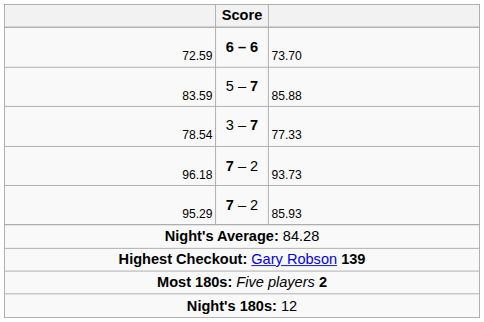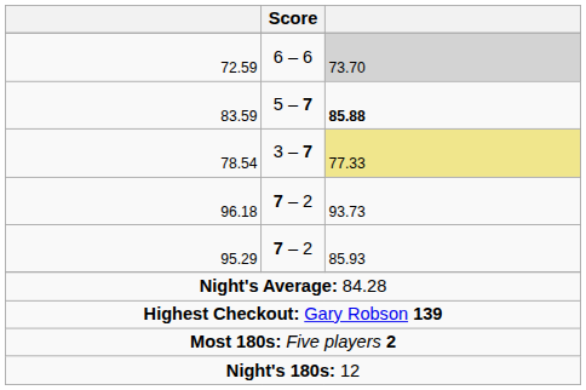 <table class="wikitable" style="text-align:center">
 <tr>
 <th width="225"></th>
 <th width="50">Score</th>
 <th width="225"></th>
 </tr>
 <tr align="center">
 </tr>
 <tr align="left">
 <td align="right"> <br> <small><span>72.59</span></small></td>
-<td align="center"><strong>6 – 6</strong></td>
-<td> <br> <small><span>73.70</span></small></td>
+<td align="center">6 – 6</td>
+<td style="background: lightgrey;"> <br> <small><span>73.70</span></small></td>
 </tr>
 <tr align="left">
 <td align="right"> <br> <small><span>83.59</span></small></td>
 <td align="center">5 – <strong>7</strong></td>
-<td> <br> <small><span>85.88</span></small></td>
+<td><strong> <br> <small><span>85.88</span></small></strong></td>
 </tr>
 <tr align="left">
 <td align="right"> <br> <small><span>78.54</span></small></td>
 <td align="center">3 – <strong>7</strong></td>
-<td> <br> <small><span>77.33</span></small></td>
+<td style="background: khaki;"> <br> <small><span>77.33</span></small></td>
 </tr>
 <tr align="left">
 <td align="right"> <br> <small><span>96.18</span></small></td>
 <td align="center"><strong>7</strong> – 2</td>
 <td> <br> <small><span>93.73</span></small></td>
 </tr>
 <tr align="left">
 <td align="right"> <br> <small><span>95.29</span></small></td>
 <td align="center"><strong>7</strong> – 2</td>
 <td> <br> <small><span>85.93</span></small></td>
 </tr>
 <tr align="center">
 </tr>
 <tr align="center">
 <td colspan="3"><strong>Night's Average:</strong> 84.28</td>
 </tr>
 <tr align="center">
 <td colspan="3"><strong>Highest Checkout:</strong>  <a href='#'>Gary Robson</a> <strong>139</strong></td>
 </tr>
 <tr align="center">
 <td colspan="3"><strong>Most 180s:</strong>  <em>Five players</em> <strong>2</strong></td>
 </tr>
 <tr align="center">
 <td colspan="3"><strong>Night's 180s:</strong> 12</td>
 </tr>
 </table>
